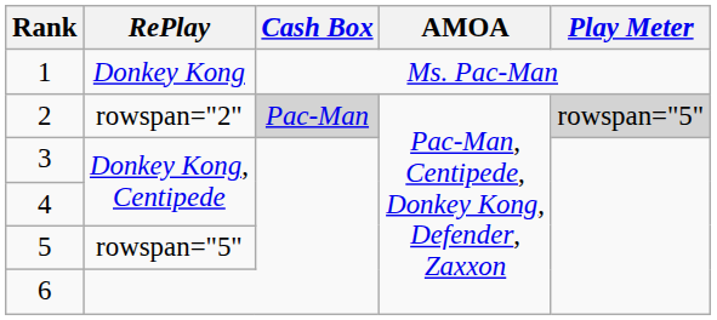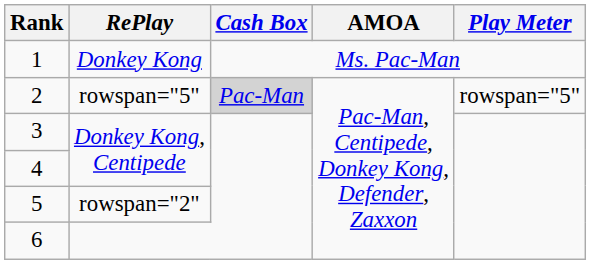 <table class="wikitable sortable" style="text-align:center">
 <tr>
 <th>Rank</th>
 <th><em>RePlay</em></th>
 <th><em><a href='#'>Cash Box</a></em></th>
 <th>AMOA</th>
 <th><em><a href='#'>Play Meter</a></em></th>
 </tr>
 <tr>
 <td>1</td>
 <td><em><a href='#'>Donkey Kong</a></em></td>
 <td colspan="3"><em><a href='#'>Ms. Pac-Man</a></em></td>
 </tr>
 <tr>
 <td>2</td>
-<td>rowspan="2" </td>
+<td>rowspan="5" </td>
 <td style="background: lightgrey;"><em><a href='#'>Pac-Man</a></em></td>
 <td rowspan="5"><em><a href='#'>Pac-Man</a></em>, <br> <em><a href='#'>Centipede</a></em>, <br> <em><a href='#'>Donkey Kong</a></em>, <br> <em><a href='#'>Defender</a></em>, <br> <em><a href='#'>Zaxxon</a></em></td>
-<td style="background: lightgrey;">rowspan="5" </td>
+<td>rowspan="5" </td>
 </tr>
 <tr>
 <td>3</td>
 <td rowspan="2"><em><a href='#'>Donkey Kong</a></em>, <br> <em><a href='#'>Centipede</a></em></td>
 </tr>
 <tr>
 <td>4</td>
 </tr>
 <tr>
 <td>5</td>
-<td>rowspan="5" </td>
+<td>rowspan="2" </td>
 </tr>
 <tr>
 <td>6</td>
 </tr>
 </table>
